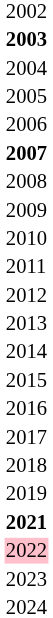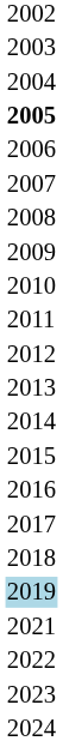 <table>
 <tr>
 <td>2002</td>
 <td></td>
 <td></td>
 <td></td>
 </tr>
 <tr>
-<td><strong>2003</strong></td>
+<td>2003</td>
 <td></td>
 </tr>
 <tr>
 <td>2004</td>
 <td></td>
 <td></td>
 <td></td>
 </tr>
 <tr>
-<td>2005</td>
+<td><strong>2005</strong></td>
 <td></td>
 </tr>
 <tr>
 <td>2006</td>
 <td></td>
 <td></td>
 <td></td>
 </tr>
 <tr>
-<td><strong>2007</strong></td>
+<td>2007</td>
 <td></td>
 <td></td>
 <td></td>
 </tr>
 <tr>
 <td>2008</td>
 <td></td>
 <td></td>
 <td></td>
 </tr>
 <tr>
 <td>2009</td>
 <td></td>
 <td></td>
 <td></td>
 <td></td>
 </tr>
 <tr>
 <td>2010</td>
 <td></td>
 <td></td>
 <td></td>
 </tr>
 <tr>
 <td>2011</td>
 <td></td>
 <td></td>
 <td></td>
 </tr>
 <tr>
 <td>2012</td>
 <td></td>
 <td></td>
 <td></td>
 </tr>
 <tr>
 <td>2013</td>
 <td></td>
 <td></td>
 <td></td>
 </tr>
 <tr>
 <td>2014</td>
 <td></td>
 <td></td>
 <td></td>
 </tr>
 <tr>
 <td>2015</td>
 <td></td>
 <td></td>
 <td></td>
 </tr>
 <tr>
 <td>2016</td>
 <td></td>
 <td></td>
 <td></td>
 </tr>
 <tr>
 <td>2017</td>
 <td></td>
 <td></td>
 <td></td>
 <td></td>
 </tr>
 <tr>
 <td>2018</td>
 <td></td>
 <td></td>
 <td></td>
 </tr>
 <tr>
-<td>2019</td>
+<td style="background: lightblue;">2019</td>
 <td></td>
 <td></td>
 <td></td>
 </tr>
 <tr>
-<td><strong>2021</strong></td>
+<td>2021</td>
 <td></td>
 <td></td>
 <td></td>
 </tr>
 <tr>
-<td style="background: pink;">2022</td>
+<td>2022</td>
 <td></td>
 <td></td>
 <td></td>
 </tr>
 <tr>
 <td>2023</td>
 <td></td>
 <td></td>
 <td></td>
 </tr>
 <tr>
 <td>2024</td>
 <td></td>
 <td></td>
 <td></td>
 </tr>
 </table>
